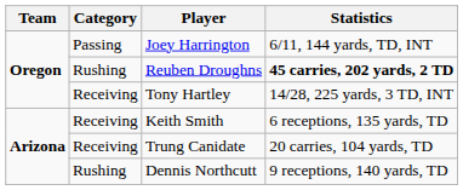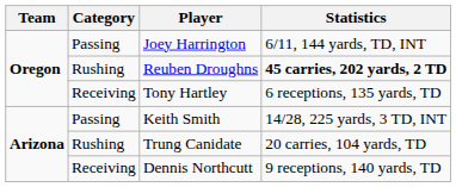 <table class="wikitable" style="float: right;">
 <tr>
 <th>Team</th>
 <th>Category</th>
 <th>Player</th>
 <th>Statistics</th>
 </tr>
 <tr>
 <td rowspan=3><strong>Oregon</strong></td>
 <td>Passing</td>
 <td><a href='#'>Joey Harrington</a></td>
 <td>6/11, 144 yards, TD, INT</td>
 </tr>
 <tr>
 <td>Rushing</td>
 <td><a href='#'>Reuben Droughns</a></td>
 <td><strong>45 carries, 202 yards, 2 TD</strong></td>
 </tr>
 <tr>
 <td>Receiving</td>
 <td>Tony Hartley</td>
+<td>6 receptions, 135 yards, TD</td>
+</tr>
+<tr>
+<td rowspan=3><strong>Arizona</strong></td>
+<td>Passing</td>
+<td>Keith Smith</td>
 <td>14/28, 225 yards, 3 TD, INT</td>
 </tr>
 <tr>
-<td rowspan=3><strong>Arizona</strong></td>
-<td>Receiving</td>
-<td>Keith Smith</td>
-<td>6 receptions, 135 yards, TD</td>
-</tr>
-<tr>
-<td>Receiving</td>
+<td>Rushing</td>
 <td>Trung Canidate</td>
 <td>20 carries, 104 yards, TD</td>
 </tr>
 <tr>
-<td>Rushing</td>
+<td>Receiving</td>
 <td>Dennis Northcutt</td>
 <td>9 receptions, 140 yards, TD</td>
 </tr>
 </table>
